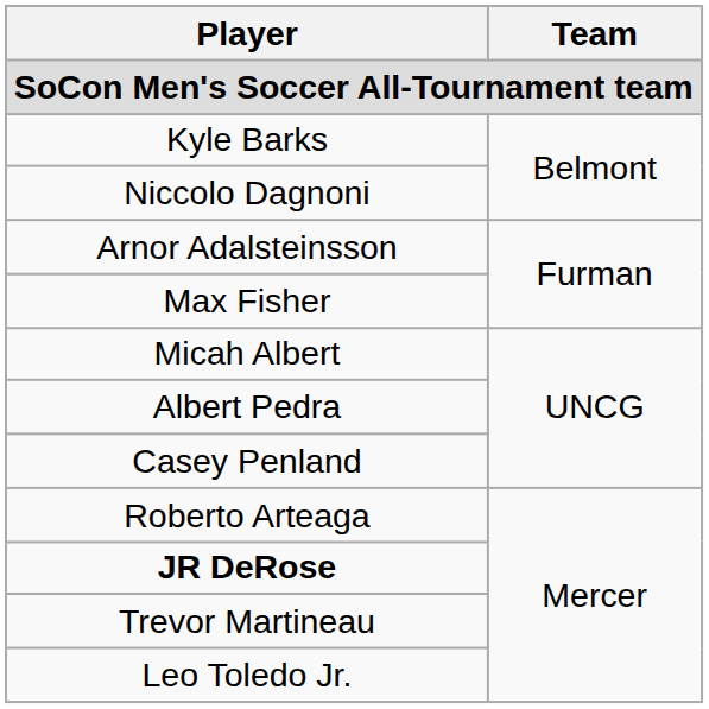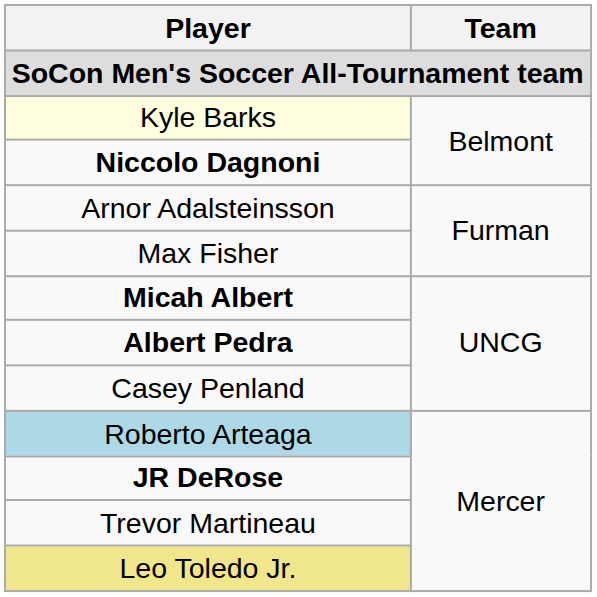 <table class="wikitable" style="white-space:nowrap; font-size:90%; text-align: center;">
 <tr>
 <th>Player</th>
 <th>Team</th>
 </tr>
 <tr>
 <td colspan="2" style="text-align:center; background:#ddd;"><strong>SoCon Men's Soccer All-Tournament team</strong></td>
 </tr>
 <tr>
-<td>Kyle Barks</td>
+<td style="background: lightyellow;">Kyle Barks</td>
 <td rowspan="2">Belmont</td>
 </tr>
 <tr>
-<td>Niccolo Dagnoni</td>
+<td><strong>Niccolo Dagnoni</strong></td>
 </tr>
 <tr>
 <td>Arnor Adalsteinsson</td>
 <td rowspan="2">Furman</td>
 </tr>
 <tr>
 <td>Max Fisher</td>
 </tr>
 <tr>
-<td>Micah Albert</td>
+<td><strong>Micah Albert</strong></td>
 <td rowspan="3">UNCG</td>
 </tr>
 <tr>
-<td>Albert Pedra</td>
+<td><strong>Albert Pedra</strong></td>
 </tr>
 <tr>
 <td>Casey Penland</td>
 </tr>
 <tr>
-<td>Roberto Arteaga</td>
+<td style="background: lightblue;">Roberto Arteaga</td>
 <td rowspan="4">Mercer</td>
 </tr>
 <tr>
 <td><strong>JR DeRose</strong></td>
 </tr>
 <tr>
 <td>Trevor Martineau</td>
 </tr>
 <tr>
-<td>Leo Toledo Jr.</td>
+<td style="background: khaki;">Leo Toledo Jr.</td>
 </tr>
 </table>
